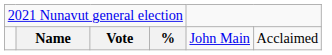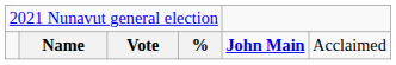 <table class="wikitable">
 <tr>
 <td colspan=4 align=center><a href='#'>2021 Nunavut general election</a></td>
 </tr>
 <tr>
 <td></td>
 <th><strong>Name</strong></th>
 <th><strong>Vote</strong></th>
 <th><strong>%</strong><br></th>
-<td><a href='#'>John Main</a></td>
+<td><strong><a href='#'>John Main</a></strong></td>
 <td colspan="2">Acclaimed</td>
 </tr>
 </table>
